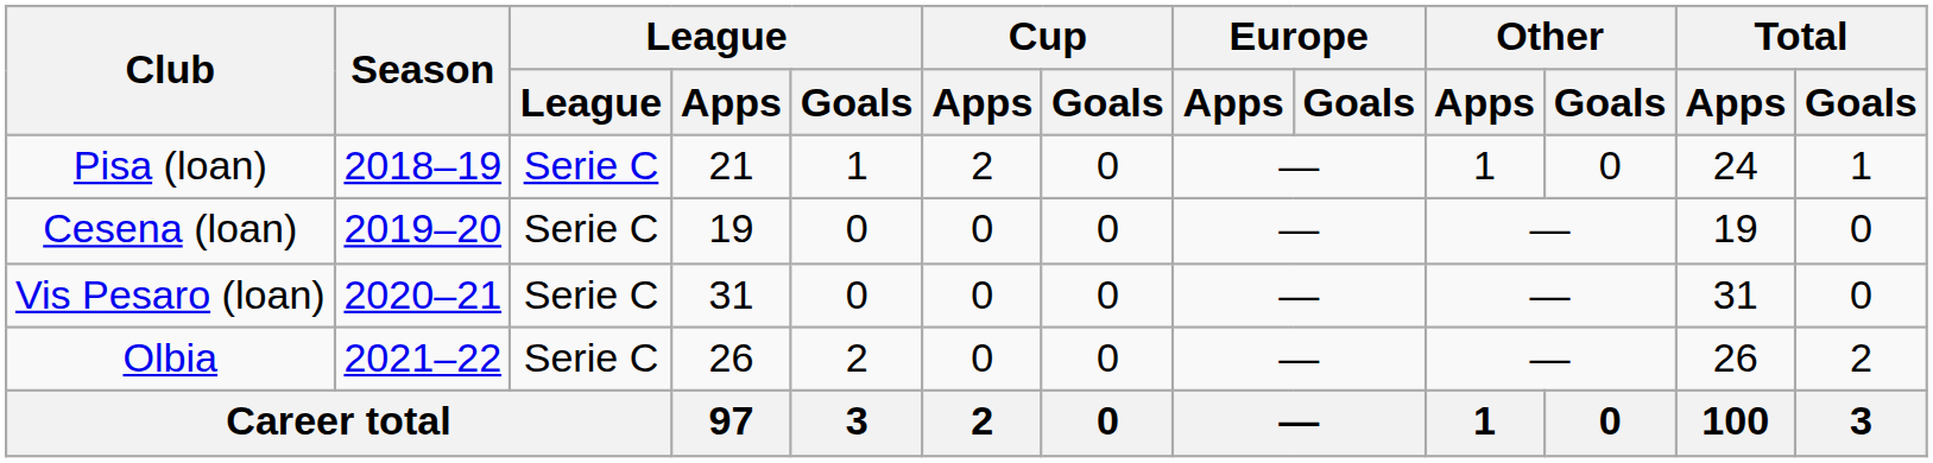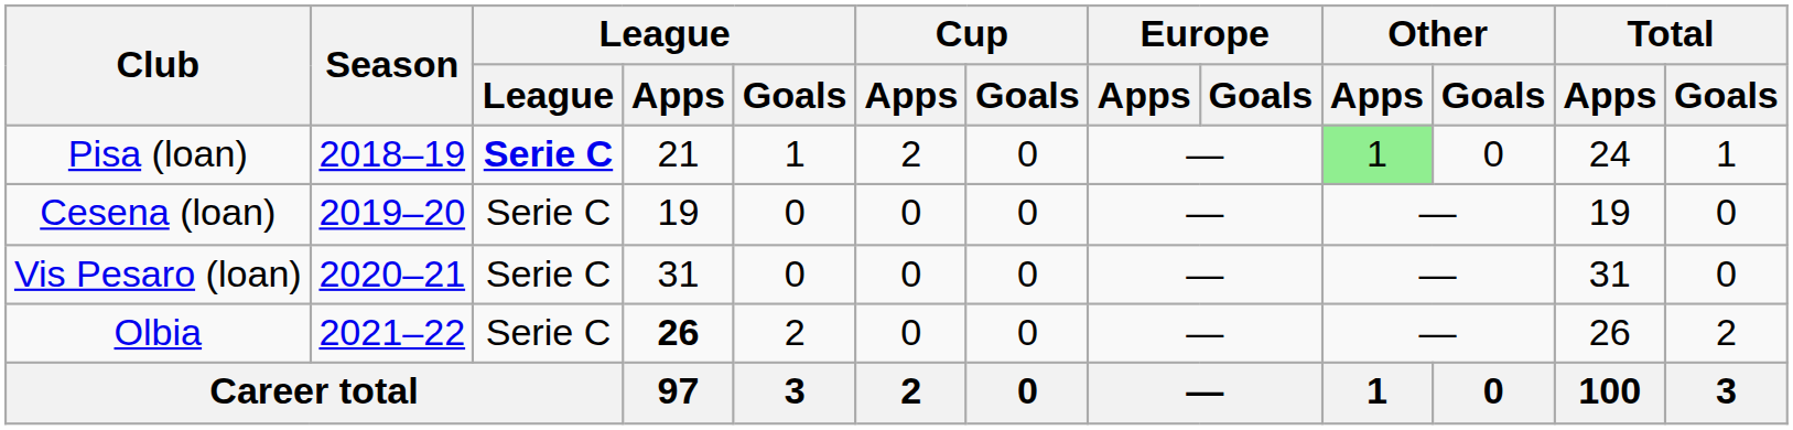 <table class="wikitable" style="text-align: center;">
 <tr>
 <th rowspan="2">Club</th>
 <th rowspan="2">Season</th>
 <th colspan="3">League</th>
 <th colspan="2">Cup</th>
 <th colspan="2">Europe</th>
 <th colspan="2">Other</th>
 <th colspan="2">Total</th>
 </tr>
 <tr>
 <th>League</th>
 <th>Apps</th>
 <th>Goals</th>
 <th>Apps</th>
 <th>Goals</th>
 <th>Apps</th>
 <th>Goals</th>
 <th>Apps</th>
 <th>Goals</th>
 <th>Apps</th>
 <th>Goals</th>
 </tr>
 <tr>
 <td><a href='#'>Pisa</a> (loan)</td>
 <td><a href='#'>2018–19</a></td>
-<td><a href='#'>Serie C</a></td>
+<td><strong><a href='#'>Serie C</a></strong></td>
 <td>21</td>
 <td>1</td>
 <td>2</td>
 <td>0</td>
 <td colspan="2">—</td>
-<td>1</td>
+<td style="background: lightgreen;">1</td>
 <td>0</td>
 <td>24</td>
 <td>1</td>
 </tr>
 <tr>
 <td><a href='#'>Cesena</a> (loan)</td>
 <td><a href='#'>2019–20</a></td>
 <td>Serie C</td>
 <td>19</td>
 <td>0</td>
 <td>0</td>
 <td>0</td>
 <td colspan="2">—</td>
 <td colspan="2">—</td>
 <td>19</td>
 <td>0</td>
 </tr>
 <tr>
 <td><a href='#'>Vis Pesaro</a> (loan)</td>
 <td><a href='#'>2020–21</a></td>
 <td>Serie C</td>
 <td>31</td>
 <td>0</td>
 <td>0</td>
 <td>0</td>
 <td colspan="2">—</td>
 <td colspan="2">—</td>
 <td>31</td>
 <td>0</td>
 </tr>
 <tr>
 <td><a href='#'>Olbia</a></td>
 <td><a href='#'>2021–22</a></td>
 <td>Serie C</td>
-<td>26</td>
+<td><strong>26</strong></td>
 <td>2</td>
 <td>0</td>
 <td>0</td>
 <td colspan="2">—</td>
 <td colspan="2">—</td>
 <td>26</td>
 <td>2</td>
 </tr>
 <tr>
 <th colspan="3">Career total</th>
 <th>97</th>
 <th>3</th>
 <th>2</th>
 <th>0</th>
 <th colspan="2">—</th>
 <th>1</th>
 <th>0</th>
 <th>100</th>
 <th>3</th>
 </tr>
 </table>
